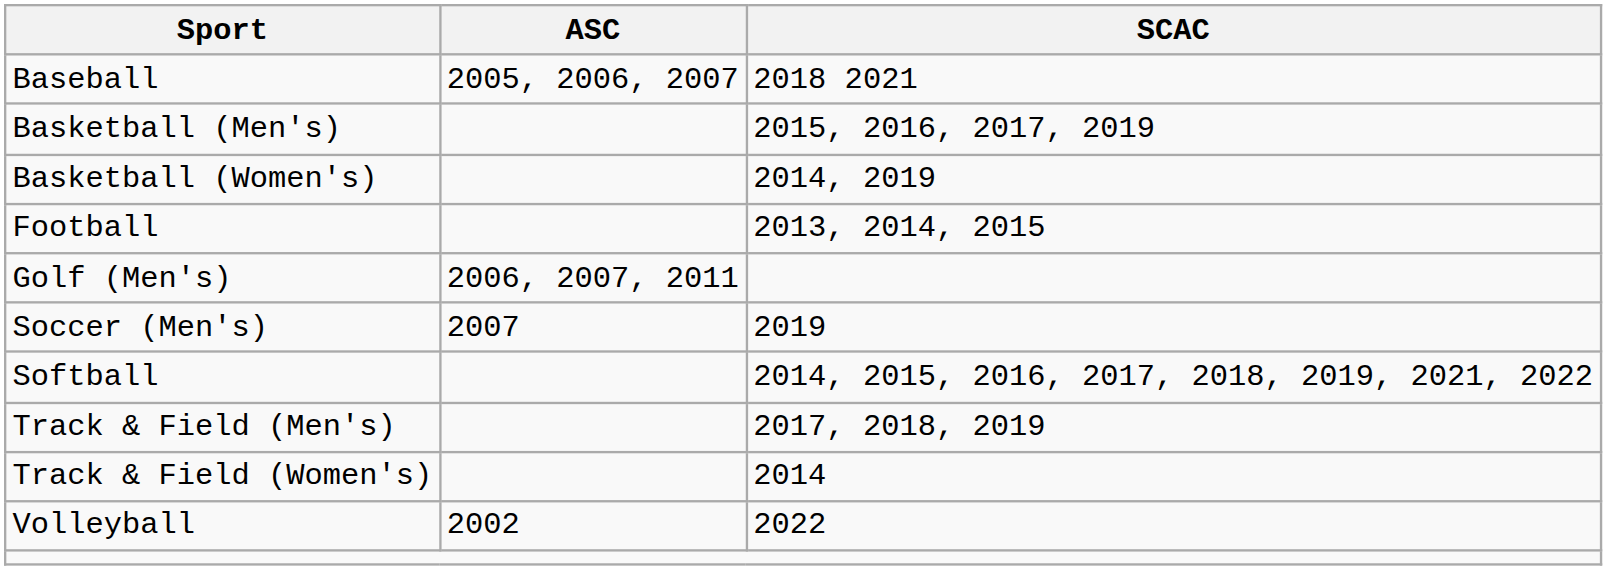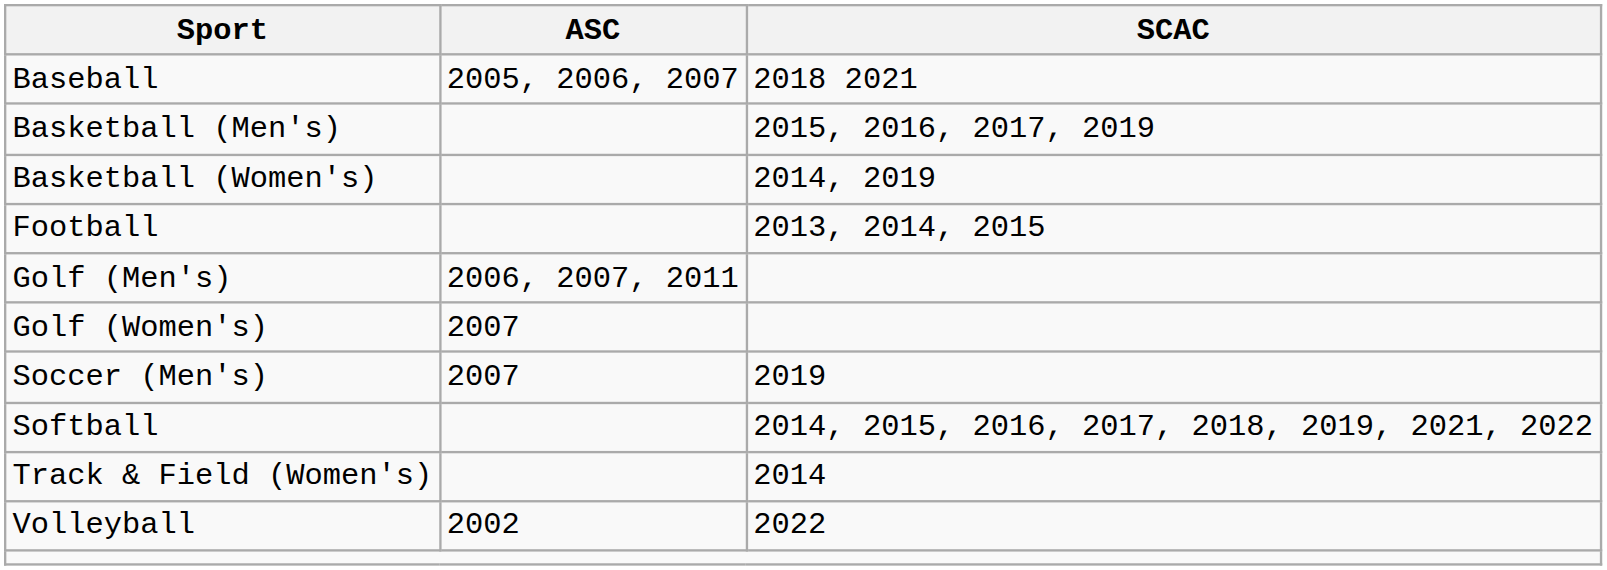 <table class="wikitable"; style= "text-align: ">
 <tr>
 <th width=px>Sport</th>
 <th width=px>ASC</th>
 <th width=px>SCAC</th>
 </tr>
 <tr>
 <td>Baseball</td>
 <td>2005, 2006, 2007 </td>
 <td>2018  2021</td>
 </tr>
 <tr>
 <td>Basketball (Men's)</td>
 <td></td>
 <td>2015, 2016, 2017, 2019 </td>
 </tr>
 <tr>
 <td>Basketball (Women's)</td>
 <td></td>
 <td>2014, 2019 </td>
 </tr>
 <tr>
 <td>Football</td>
 <td></td>
 <td>2013, 2014, 2015 </td>
 </tr>
 <tr>
 <td>Golf (Men's)</td>
 <td>2006, 2007, 2011 </td>
 <td></td>
 </tr>
 <tr>
+<td>Golf (Women's)</td>
+<td>2007 </td>
+<td></td>
+</tr>
+<tr>
 <td>Soccer (Men's)</td>
 <td>2007 </td>
 <td>2019 </td>
 </tr>
 <tr>
 <td>Softball</td>
 <td></td>
 <td>2014, 2015, 2016, 2017, 2018, 2019, 2021, 2022</td>
-</tr>
-<tr>
-<td>Track & Field (Men's)</td>
-<td></td>
-<td>2017, 2018, 2019 </td>
 </tr>
 <tr>
 <td>Track & Field (Women's)</td>
 <td></td>
 <td>2014 </td>
 </tr>
 <tr>
 <td>Volleyball</td>
 <td>2002 </td>
 <td>2022</td>
 </tr>
 <tr>
 <td colspan="3"></td>
 </tr>
 </table>
